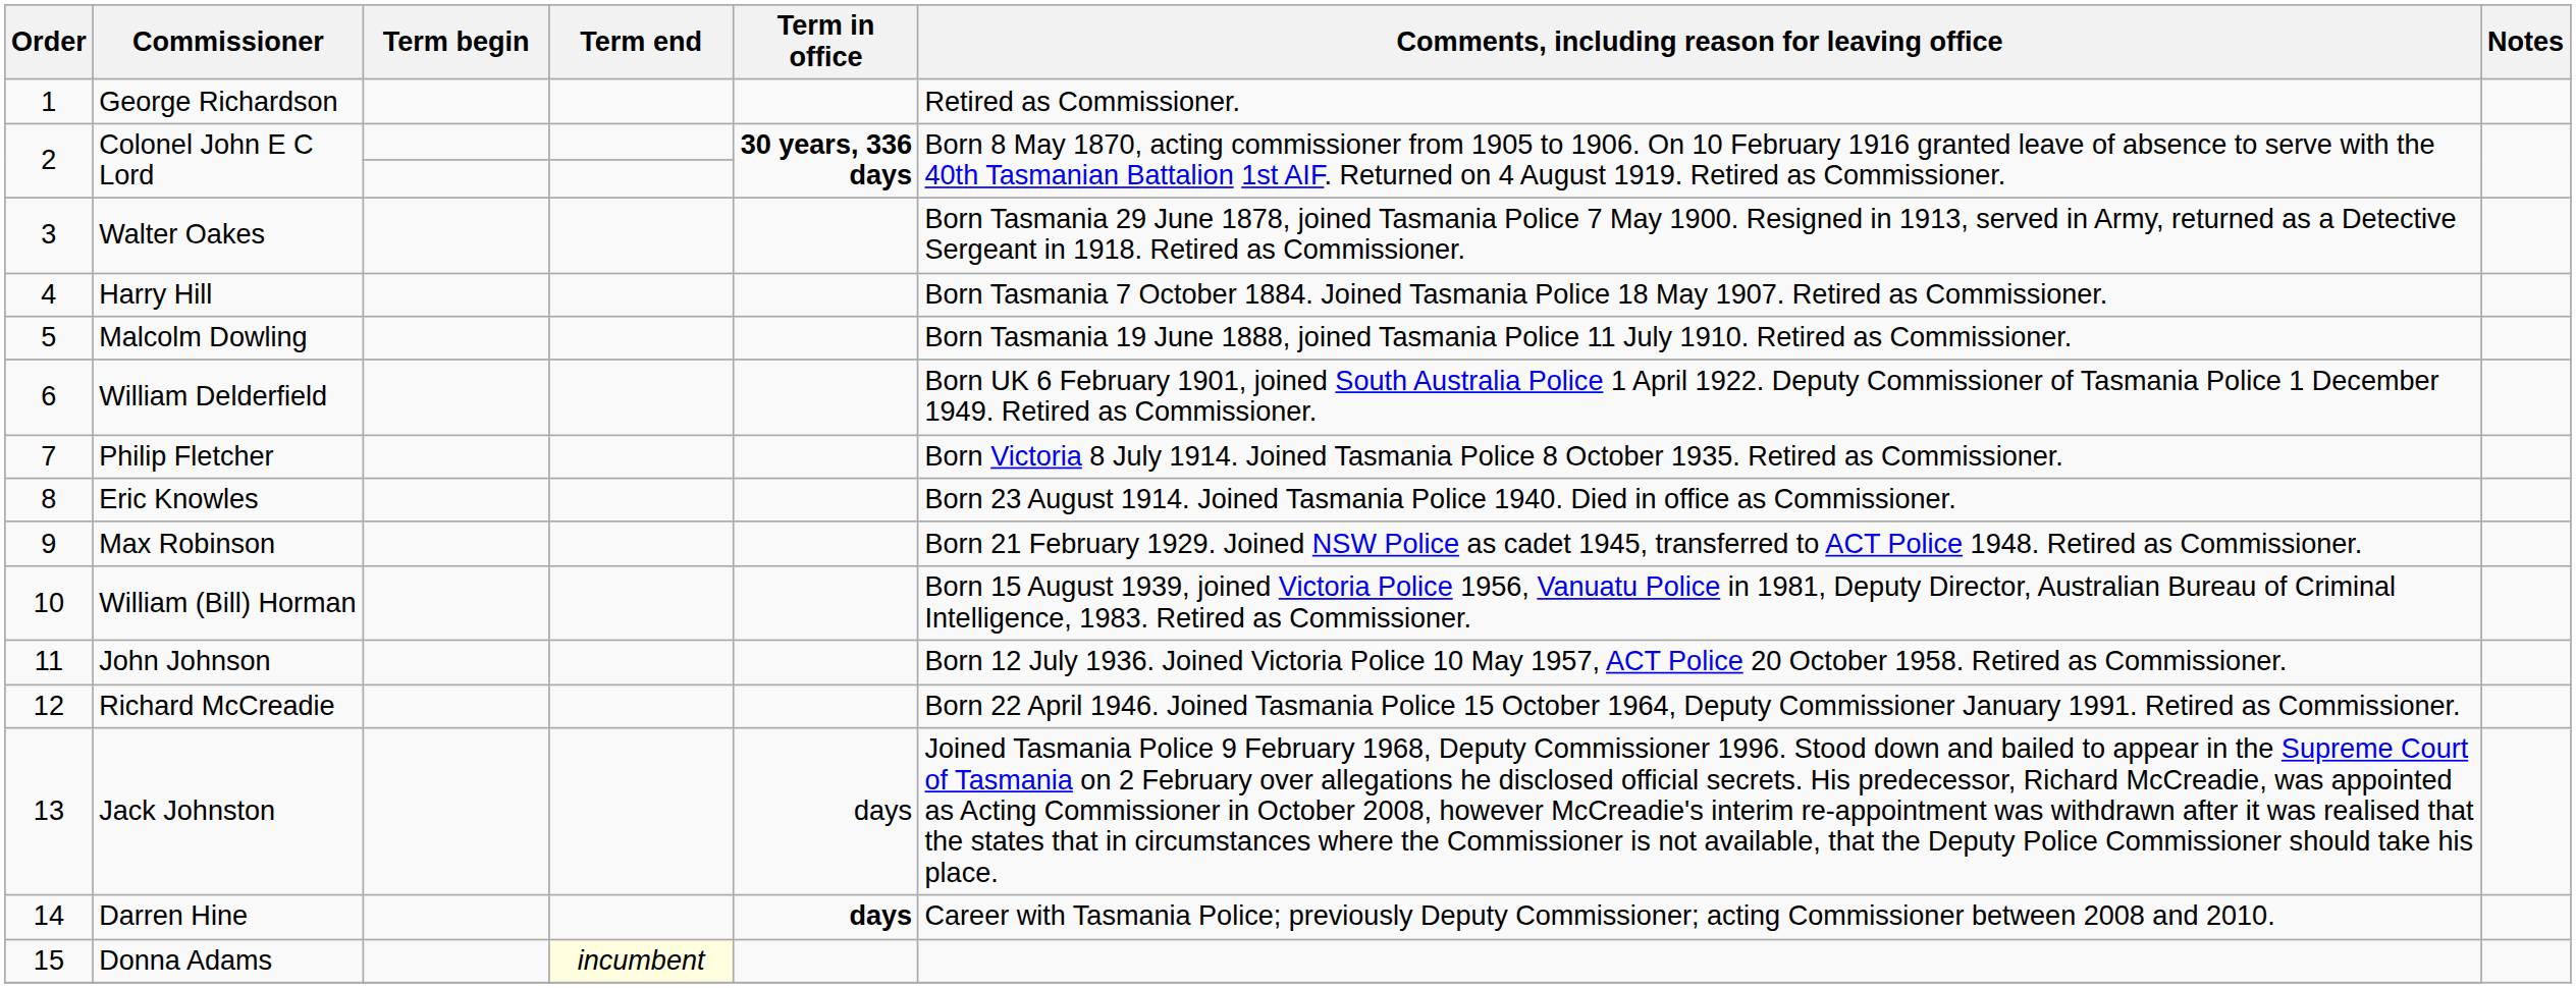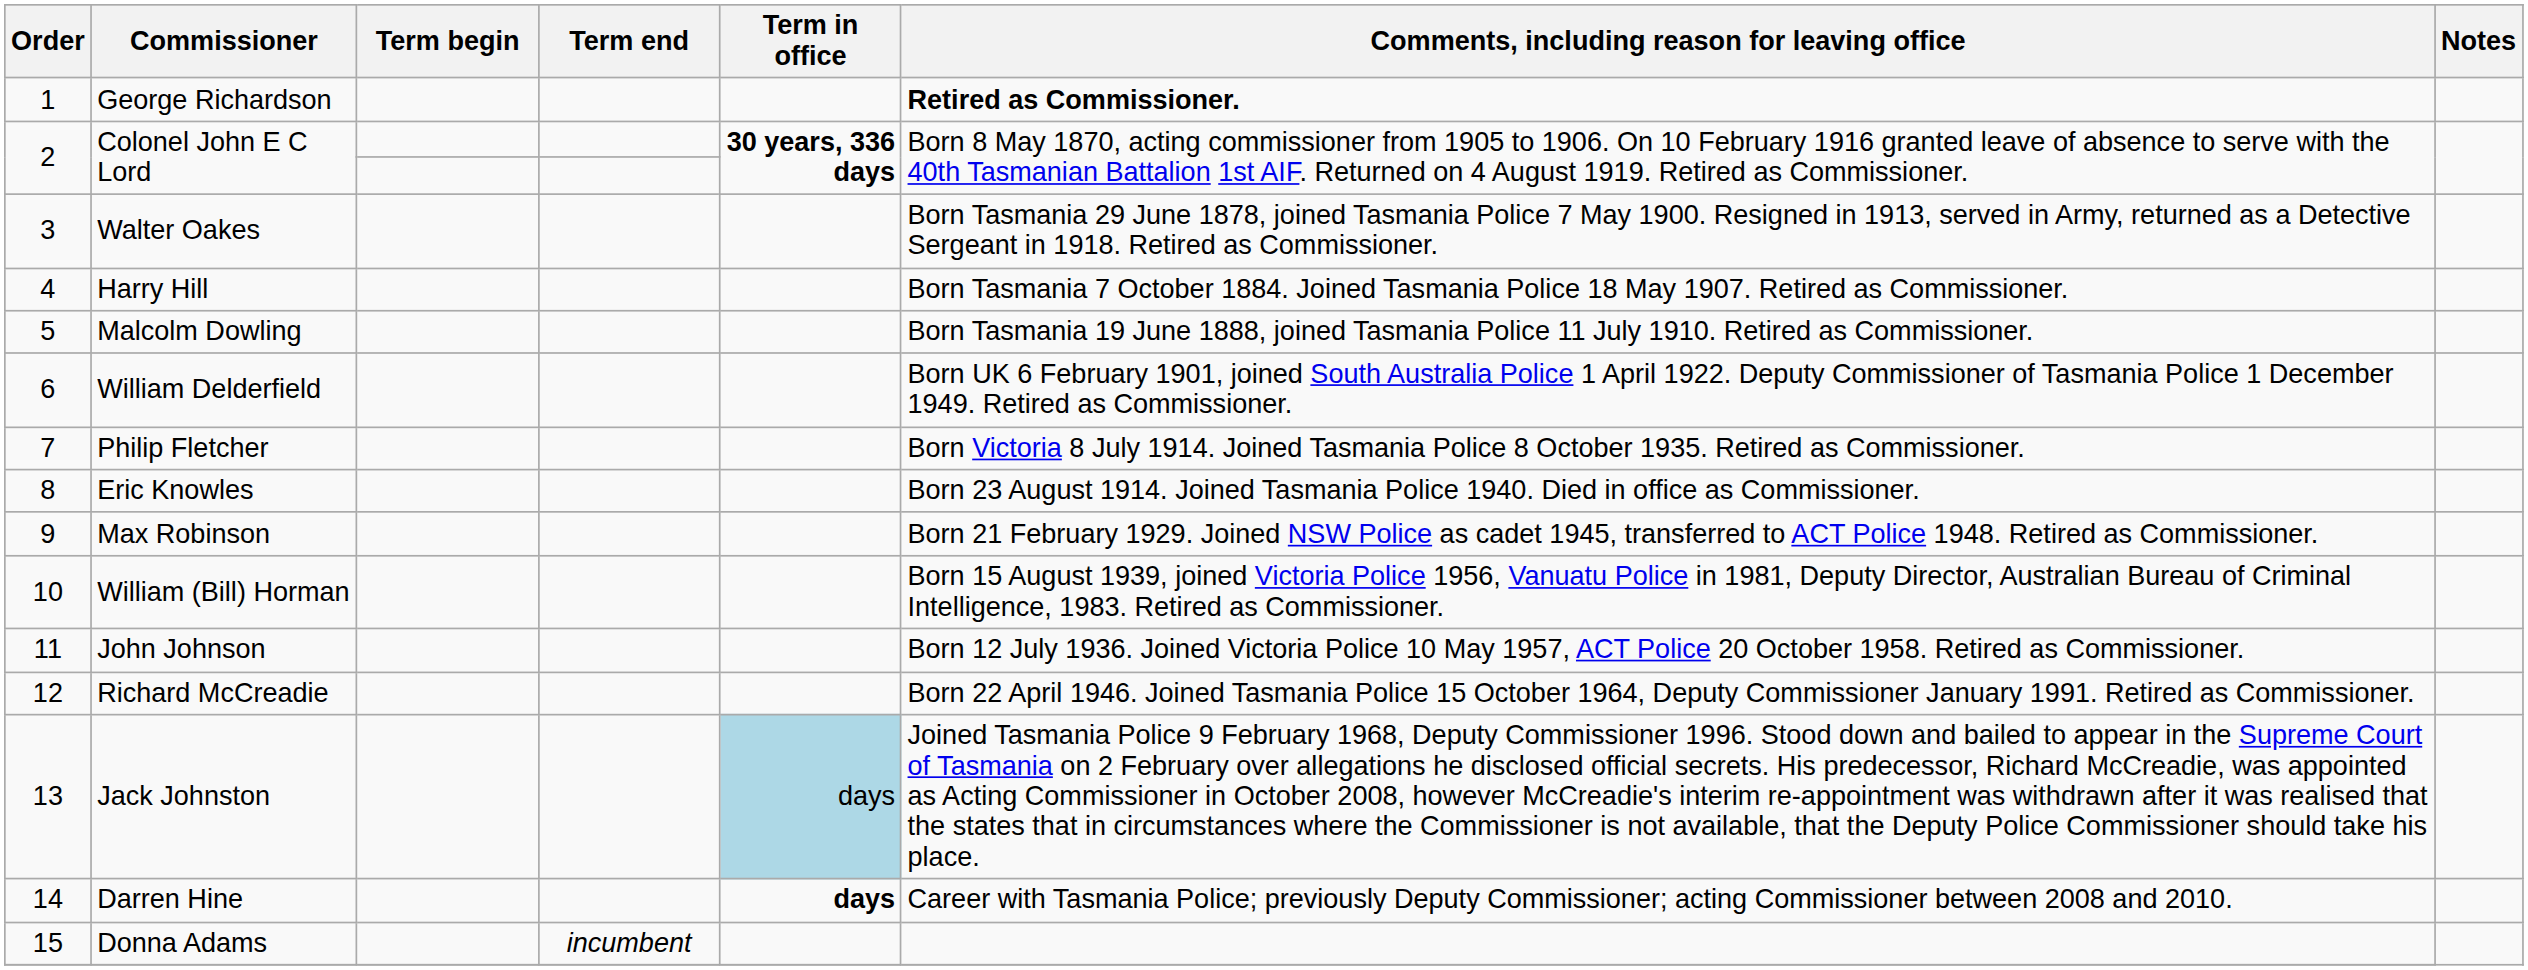 <table class="wikitable sortable plainrowheaders">
 <tr>
 <th scope="col" width="10pt">Order</th>
 <th scope="col" width="150pt">Commissioner</th>
 <th scope="col" width="100pt">Term begin</th>
 <th scope="col" width="100pt">Term end</th>
 <th scope="col" width="100pt">Term in office</th>
 <th scope="col" width="900pt">Comments, including reason for leaving office</th>
 <th scope="col" width="5pt">Notes</th>
 </tr>
 <tr>
 <td align=center>1</td>
 <td>George Richardson</td>
 <td align=center></td>
 <td align=center></td>
 <td align=right></td>
-<td>Retired as Commissioner.</td>
+<td><strong>Retired as Commissioner.</strong></td>
 <td></td>
 </tr>
 <tr>
 <td align=center rowspan=2>2</td>
 <td rowspan=2>Colonel John E C Lord </td>
 <td align=center></td>
 <td align=center></td>
 <td align=right rowspan=2><strong>30 years, 336 days</strong></td>
 <td rowspan=2>Born 8 May 1870, acting commissioner from 1905 to 1906. On 10 February 1916 granted leave of absence to serve with the <a href='#'>40th Tasmanian Battalion</a> <a href='#'>1st AIF</a>. Returned on 4 August 1919. Retired as Commissioner.</td>
 <td rowspan=2></td>
 </tr>
 <tr>
 <td align=center></td>
 <td align=center></td>
 </tr>
 <tr>
 <td align=center>3</td>
 <td>Walter Oakes </td>
 <td align=center></td>
 <td align=center></td>
 <td align=right></td>
 <td>Born Tasmania 29 June 1878, joined Tasmania Police 7 May 1900. Resigned in 1913, served in Army, returned as a Detective Sergeant in 1918. Retired as Commissioner.</td>
 <td></td>
 </tr>
 <tr>
 <td align=center>4</td>
 <td>Harry Hill</td>
 <td align=center></td>
 <td align=center></td>
 <td align=right></td>
 <td>Born Tasmania 7 October 1884. Joined Tasmania Police 18 May 1907. Retired as Commissioner.</td>
 <td></td>
 </tr>
 <tr>
 <td align=center>5</td>
 <td>Malcolm Dowling</td>
 <td align=center></td>
 <td align=center></td>
 <td align=right></td>
 <td>Born Tasmania 19 June 1888, joined Tasmania Police 11 July 1910. Retired as Commissioner.</td>
 <td></td>
 </tr>
 <tr>
 <td align=center>6</td>
 <td>William Delderfield </td>
 <td align=center></td>
 <td align=center></td>
 <td align=right></td>
 <td>Born UK 6 February 1901, joined <a href='#'>South Australia Police</a> 1 April 1922. Deputy Commissioner of Tasmania Police 1 December 1949. Retired as Commissioner.</td>
 <td></td>
 </tr>
 <tr>
 <td align=center>7</td>
 <td>Philip Fletcher </td>
 <td align=center></td>
 <td align=center></td>
 <td align=right></td>
 <td>Born <a href='#'>Victoria</a> 8 July 1914. Joined Tasmania Police 8 October 1935. Retired as Commissioner.</td>
 <td></td>
 </tr>
 <tr>
 <td align=center>8</td>
 <td>Eric Knowles </td>
 <td align=center></td>
 <td align=center></td>
 <td align=right></td>
 <td>Born 23 August 1914. Joined Tasmania Police 1940. Died in office as Commissioner.</td>
 <td></td>
 </tr>
 <tr>
 <td align=center>9</td>
 <td>Max Robinson </td>
 <td align=center></td>
 <td align=center></td>
 <td align=right></td>
 <td>Born 21 February 1929. Joined <a href='#'>NSW Police</a> as cadet 1945, transferred to <a href='#'>ACT Police</a> 1948. Retired as Commissioner.</td>
 <td></td>
 </tr>
 <tr>
 <td align=center>10</td>
 <td>William (Bill) Horman </td>
 <td align=center></td>
 <td align=center></td>
 <td align=right></td>
 <td>Born 15 August 1939, joined <a href='#'>Victoria Police</a> 1956, <a href='#'>Vanuatu Police</a> in 1981, Deputy Director, Australian Bureau of Criminal Intelligence, 1983. Retired as Commissioner.</td>
 <td></td>
 </tr>
 <tr>
 <td align=center>11</td>
 <td>John Johnson </td>
 <td align=center></td>
 <td align=center></td>
 <td align=right></td>
 <td>Born 12 July 1936. Joined Victoria Police 10 May 1957, <a href='#'>ACT Police</a> 20 October 1958. Retired as Commissioner.</td>
 <td></td>
 </tr>
 <tr>
 <td align=center>12</td>
 <td>Richard McCreadie </td>
 <td align=center></td>
 <td align=center></td>
 <td align=right></td>
 <td>Born 22 April 1946. Joined Tasmania Police 15 October 1964, Deputy Commissioner January 1991. Retired as Commissioner.</td>
 <td></td>
 </tr>
 <tr>
 <td align=center>13</td>
 <td>Jack Johnston </td>
 <td align=center></td>
 <td align=center></td>
-<td align=right> days</td>
+<td align=right style="background: lightblue;"> days</td>
 <td>Joined Tasmania Police 9 February 1968, Deputy Commissioner 1996. Stood down and bailed to appear in the <a href='#'>Supreme Court of Tasmania</a> on 2 February over allegations he disclosed official secrets. His predecessor, Richard McCreadie, was appointed as Acting Commissioner in October 2008, however McCreadie's interim re-appointment was withdrawn after it was realised that the  states that in circumstances where the Commissioner is not available, that the Deputy Police Commissioner should take his place.</td>
 <td></td>
 </tr>
 <tr>
 <td align=center>14</td>
 <td>Darren Hine </td>
 <td align=center></td>
 <td align=center></td>
 <td align=right><strong> days</strong></td>
 <td>Career with Tasmania Police; previously Deputy Commissioner; acting Commissioner between 2008 and 2010.</td>
 <td></td>
 </tr>
 <tr>
 <td align=center>15</td>
 <td>Donna Adams </td>
 <td align=center></td>
-<td align=center style="background: lightyellow;"><em>incumbent</em></td>
+<td align=center><em>incumbent</em></td>
 <td align=right></td>
 <td></td>
 </tr>
 <tr>
 </tr>
 </table>
